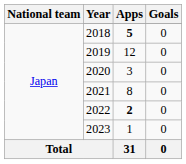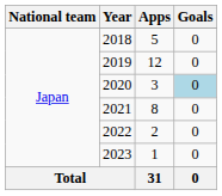 <table class="wikitable" style="text-align:center">
 <tr>
 <th>National team</th>
 <th>Year</th>
 <th>Apps</th>
 <th>Goals</th>
 </tr>
 <tr>
 <td rowspan="7"><a href='#'>Japan</a></td>
 </tr>
 <tr>
 <td>2018</td>
-<td><strong>5</strong></td>
+<td>5</td>
 <td>0</td>
 </tr>
 <tr>
 <td>2019</td>
 <td>12</td>
 <td>0</td>
 </tr>
 <tr>
 <td>2020</td>
 <td>3</td>
-<td>0</td>
+<td style="background: lightblue;">0</td>
 </tr>
 <tr>
 <td>2021</td>
 <td>8</td>
 <td>0</td>
 </tr>
 <tr>
 <td>2022</td>
-<td><strong>2</strong></td>
+<td>2</td>
 <td>0</td>
 </tr>
 <tr>
 <td>2023</td>
 <td>1</td>
 <td>0</td>
 </tr>
 <tr>
 <th colspan="2">Total</th>
 <th>31</th>
 <th>0</th>
 </tr>
 </table>
